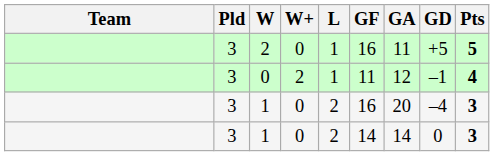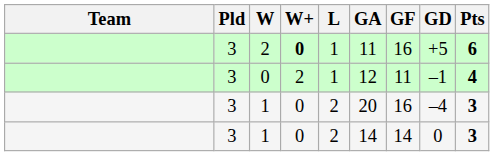 <table class="wikitable" style="text-align: center;">
 <tr>
 <th width="175">Team</th>
 <th width="20">Pld</th>
 <th width="20">W</th>
 <th width="20">W+</th>
 <th width="20">L</th>
+<th width="20">GA</th>
 <th width="20">GF</th>
-<th width="20">GA</th>
 <th width="20">GD</th>
 <th width="20">Pts</th>
 </tr>
 <tr align=center style="background:#ccffcc;">
 <td style="text-align:left;"></td>
 <td>3</td>
 <td>2</td>
-<td>0</td>
+<td><strong>0</strong></td>
 <td>1</td>
+<td>11</td>
 <td>16</td>
-<td>11</td>
 <td>+5</td>
-<td><strong>5</strong></td>
+<td><strong>6</strong></td>
 </tr>
 <tr align=center style="background:#ccffcc;">
 <td style="text-align:left;"></td>
 <td>3</td>
 <td>0</td>
 <td>2</td>
 <td>1</td>
+<td>12</td>
 <td>11</td>
-<td>12</td>
 <td>–1</td>
 <td><strong>4</strong></td>
 </tr>
 <tr align=center style="background:#f5f5f5;">
 <td style="text-align:left;"></td>
 <td>3</td>
 <td>1</td>
 <td>0</td>
 <td>2</td>
+<td>20</td>
 <td>16</td>
-<td>20</td>
 <td>–4</td>
 <td><strong>3</strong></td>
 </tr>
 <tr align=center style="background:#f5f5f5;">
 <td style="text-align:left;"></td>
 <td>3</td>
 <td>1</td>
 <td>0</td>
 <td>2</td>
 <td>14</td>
 <td>14</td>
 <td>0</td>
 <td><strong>3</strong></td>
 </tr>
 </table>
